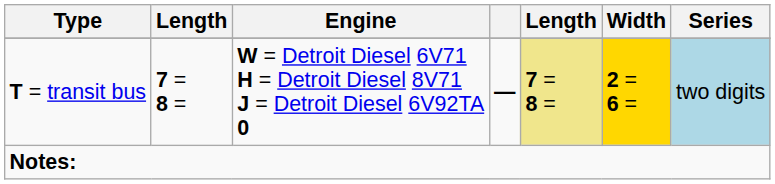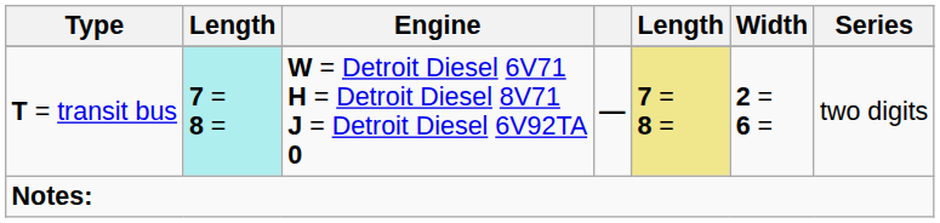 <table class="wikitable">
 <tr>
 <th>Type</th>
 <th>Length</th>
 <th>Engine</th>
 <th></th>
 <th>Length</th>
 <th>Width</th>
 <th>Series</th>
 </tr>
 <tr>
 </tr>
 <tr>
 <td nowrap><strong>T</strong> = <a href='#'>transit bus</a></td>
-<td nowrap><strong>7</strong> = <br><strong>8</strong> = </td>
+<td nowrap style="background: paleturquoise;"><strong>7</strong> = <br><strong>8</strong> = </td>
 <td nowrap><strong>W</strong> = <a href='#'>Detroit Diesel</a> <a href='#'>6V71</a><br><strong>H</strong> = <a href='#'>Detroit Diesel</a> <a href='#'>8V71</a><br><strong>J</strong> = <a href='#'>Detroit Diesel</a> <a href='#'>6V92TA</a><br><strong>0</strong></td>
 <td><strong> — </strong></td>
 <td nowrap style="background: khaki;"><strong>7</strong> = <br><strong>8</strong> = </td>
-<td nowrap style="background: gold;"><strong>2</strong> = <br><strong>6</strong> = </td>
-<td nowrap style="background: lightblue;">two digits</td>
+<td nowrap><strong>2</strong> = <br><strong>6</strong> = </td>
+<td nowrap>two digits</td>
 </tr>
 <tr>
 <td colspan=7><strong>Notes:</strong><br></td>
 </tr>
 </table>
